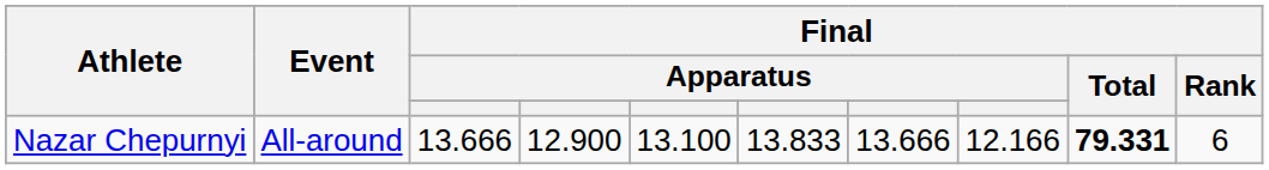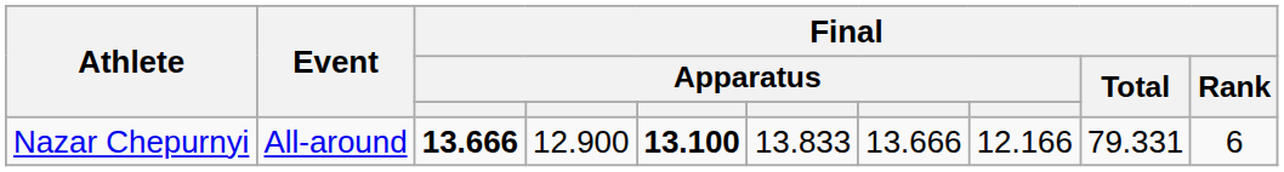 <table class="wikitable" style="font-size:90%">
 <tr>
 <th rowspan=3>Athlete</th>
 <th rowspan=3>Event</th>
 <th colspan =8>Final</th>
 </tr>
 <tr style="font-size:95%">
 <th colspan=6>Apparatus</th>
 <th rowspan=2>Total</th>
 <th rowspan=2>Rank</th>
 </tr>
 <tr style="font-size:95%">
 <th></th>
 <th></th>
 <th></th>
 <th></th>
 <th></th>
 <th></th>
 </tr>
 <tr align=center>
 <td align=left><a href='#'>Nazar Chepurnyi</a></td>
 <td align=left><a href='#'>All-around</a></td>
-<td>13.666</td>
+<td><strong>13.666</strong></td>
 <td>12.900</td>
-<td>13.100</td>
+<td><strong>13.100</strong></td>
 <td>13.833</td>
 <td>13.666</td>
 <td>12.166</td>
-<td><strong>79.331</strong></td>
+<td>79.331</td>
 <td>6</td>
 </tr>
 </table>
